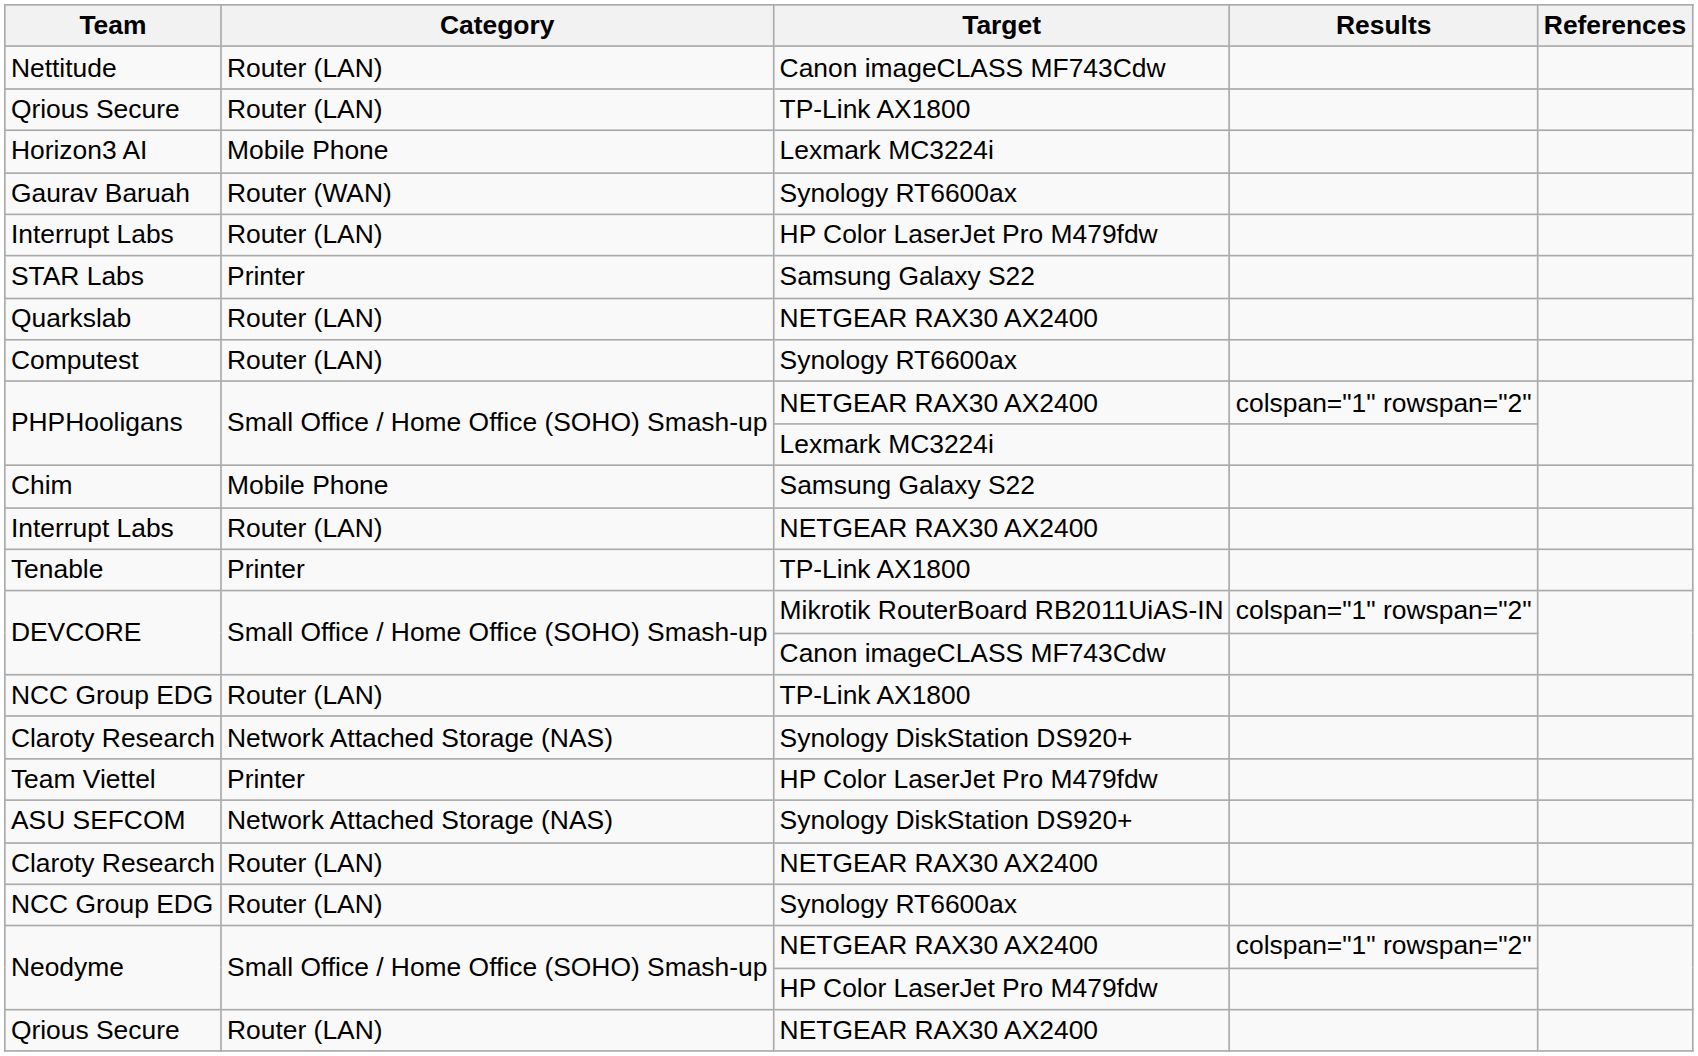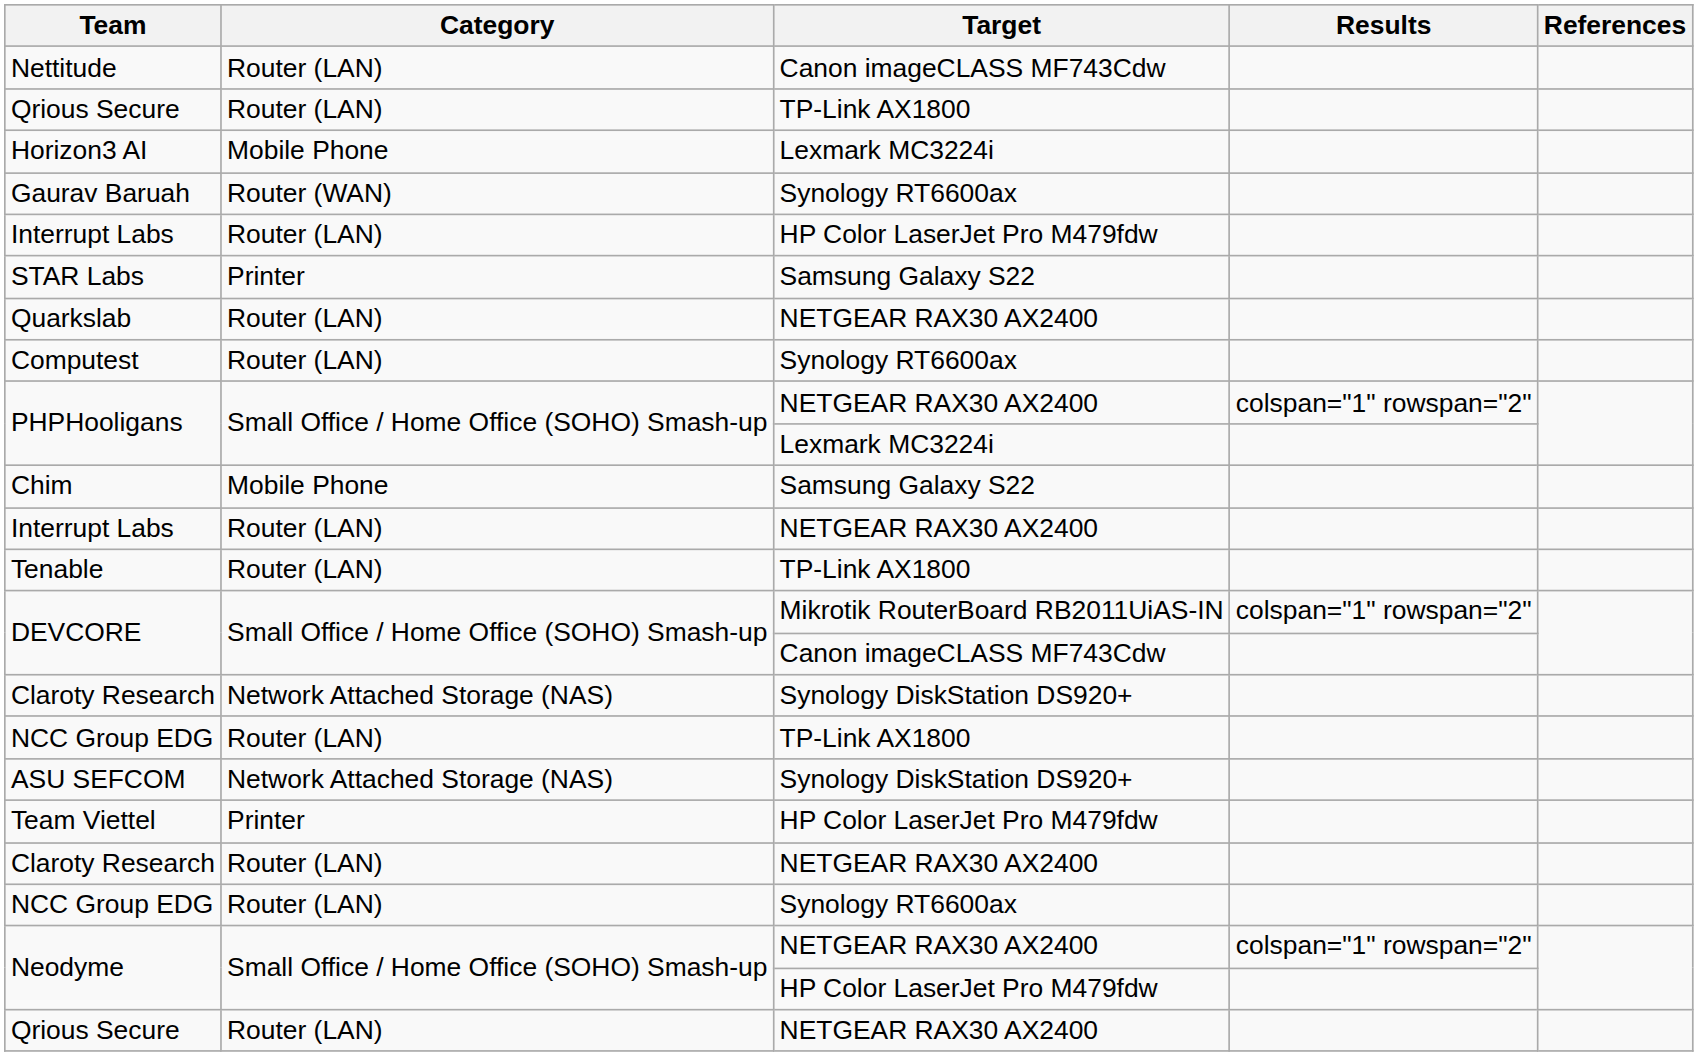 <table class="wikitable mw-collapsible">
 <tr>
 <th>Team</th>
 <th>Category</th>
 <th>Target</th>
 <th>Results</th>
 <th>References</th>
 </tr>
 <tr>
 <td>Nettitude</td>
 <td>Router (LAN)</td>
 <td>Canon imageCLASS MF743Cdw</td>
 <td></td>
 <td></td>
 </tr>
 <tr>
 <td>Qrious Secure</td>
 <td>Router (LAN)</td>
 <td>TP-Link AX1800</td>
 <td></td>
 <td></td>
 </tr>
 <tr>
 <td>Horizon3 AI</td>
 <td>Mobile Phone</td>
 <td>Lexmark MC3224i</td>
 <td></td>
 <td></td>
 </tr>
 <tr>
 <td>Gaurav Baruah</td>
 <td>Router (WAN)</td>
 <td>Synology RT6600ax</td>
 <td></td>
 <td></td>
 </tr>
 <tr>
 <td>Interrupt Labs</td>
 <td>Router (LAN)</td>
 <td>HP Color LaserJet Pro M479fdw</td>
 <td></td>
 <td></td>
 </tr>
 <tr>
 <td>STAR Labs</td>
 <td>Printer</td>
 <td>Samsung Galaxy S22</td>
 <td></td>
 <td></td>
 </tr>
 <tr>
 <td>Quarkslab</td>
 <td>Router (LAN)</td>
 <td>NETGEAR RAX30 AX2400</td>
 <td></td>
 <td></td>
 </tr>
 <tr>
 <td>Computest</td>
 <td>Router (LAN)</td>
 <td>Synology RT6600ax</td>
 <td></td>
 <td></td>
 </tr>
 <tr>
 <td colspan="1" rowspan="2">PHPHooligans</td>
 <td colspan="1" rowspan="2">Small Office / Home Office (SOHO) Smash-up</td>
 <td>NETGEAR RAX30 AX2400</td>
 <td>colspan="1" rowspan="2" </td>
 <td rowspan="2"></td>
 </tr>
 <tr>
 <td>Lexmark MC3224i</td>
 </tr>
 <tr>
 <td>Chim</td>
 <td>Mobile Phone</td>
 <td>Samsung Galaxy S22</td>
 <td></td>
 <td></td>
 </tr>
 <tr>
 <td>Interrupt Labs</td>
 <td>Router (LAN)</td>
 <td>NETGEAR RAX30 AX2400</td>
 <td></td>
 <td></td>
 </tr>
 <tr>
 <td>Tenable</td>
-<td>Printer</td>
+<td>Router (LAN)</td>
 <td>TP-Link AX1800</td>
 <td></td>
 <td></td>
 </tr>
 <tr>
 <td colspan="1" rowspan="2">DEVCORE</td>
 <td colspan="1" rowspan="2">Small Office / Home Office (SOHO) Smash-up</td>
 <td>Mikrotik RouterBoard RB2011UiAS-IN</td>
 <td>colspan="1" rowspan="2" </td>
 <td rowspan="2"></td>
 </tr>
 <tr>
 <td>Canon imageCLASS MF743Cdw</td>
 </tr>
 <tr>
+<td>Claroty Research</td>
+<td>Network Attached Storage (NAS)</td>
+<td>Synology DiskStation DS920+</td>
+<td></td>
+<td></td>
+</tr>
+<tr>
 <td>NCC Group EDG</td>
 <td>Router (LAN)</td>
 <td>TP-Link AX1800</td>
 <td></td>
 <td></td>
 </tr>
 <tr>
-<td>Claroty Research</td>
+<td>ASU SEFCOM</td>
 <td>Network Attached Storage (NAS)</td>
 <td>Synology DiskStation DS920+</td>
 <td></td>
 <td></td>
 </tr>
 <tr>
 <td>Team Viettel</td>
 <td>Printer</td>
 <td>HP Color LaserJet Pro M479fdw</td>
-<td></td>
-<td></td>
-</tr>
-<tr>
-<td>ASU SEFCOM</td>
-<td>Network Attached Storage (NAS)</td>
-<td>Synology DiskStation DS920+</td>
 <td></td>
 <td></td>
 </tr>
 <tr>
 <td>Claroty Research</td>
 <td>Router (LAN)</td>
 <td>NETGEAR RAX30 AX2400</td>
 <td></td>
 <td></td>
 </tr>
 <tr>
 <td>NCC Group EDG</td>
 <td>Router (LAN)</td>
 <td>Synology RT6600ax</td>
 <td></td>
 <td></td>
 </tr>
 <tr>
 <td colspan="1" rowspan="2">Neodyme</td>
 <td colspan="1" rowspan="2">Small Office / Home Office (SOHO) Smash-up</td>
 <td>NETGEAR RAX30 AX2400</td>
 <td>colspan="1" rowspan="2" </td>
 <td rowspan="2"></td>
 </tr>
 <tr>
 <td>HP Color LaserJet Pro M479fdw</td>
 </tr>
 <tr>
 <td>Qrious Secure</td>
 <td>Router (LAN)</td>
 <td>NETGEAR RAX30 AX2400</td>
 <td></td>
 <td></td>
 </tr>
 </table>
